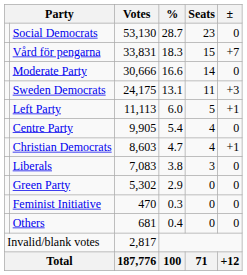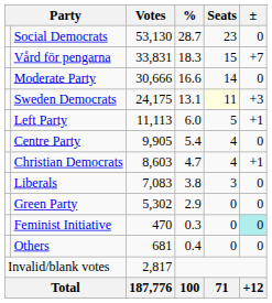 <table class="wikitable" style="text-align:right">
 <tr>
 <th colspan="2">Party</th>
 <th>Votes</th>
 <th>%</th>
 <th>Seats</th>
 <th>±</th>
 </tr>
 <tr>
 <td style="color:inherit;background:"></td>
 <td align="left"><a href='#'>Social Democrats</a></td>
 <td>53,130</td>
 <td>28.7</td>
 <td>23</td>
 <td>0</td>
 </tr>
 <tr>
 <td bgcolor=""></td>
 <td align="left"><a href='#'>Vård för pengarna</a></td>
 <td>33,831</td>
 <td>18.3</td>
 <td>15</td>
 <td>+7</td>
 </tr>
 <tr>
 <td style="color:inherit;background:"></td>
 <td align="left"><a href='#'>Moderate Party</a></td>
 <td>30,666</td>
 <td>16.6</td>
 <td>14</td>
 <td>0</td>
 </tr>
 <tr>
 <td style="color:inherit;background:"></td>
 <td align="left"><a href='#'>Sweden Democrats</a></td>
 <td>24,175</td>
 <td>13.1</td>
-<td>11</td>
+<td style="background: lightyellow;">11</td>
 <td>+3</td>
 </tr>
 <tr>
 <td style="color:inherit;background:"></td>
 <td align="left"><a href='#'>Left Party</a></td>
 <td>11,113</td>
 <td>6.0</td>
 <td>5</td>
 <td>+1</td>
 </tr>
 <tr>
 <td style="color:inherit;background:"></td>
 <td align="left"><a href='#'>Centre Party</a></td>
 <td>9,905</td>
 <td>5.4</td>
 <td>4</td>
 <td>0</td>
 </tr>
 <tr>
 <td style="color:inherit;background:"></td>
 <td align="left"><a href='#'>Christian Democrats</a></td>
 <td>8,603</td>
 <td>4.7</td>
 <td>4</td>
 <td>+1</td>
 </tr>
 <tr>
 <td style="color:inherit;background:"></td>
 <td align="left"><a href='#'>Liberals</a></td>
 <td>7,083</td>
 <td>3.8</td>
 <td>3</td>
 <td>0</td>
 </tr>
 <tr>
 <td style="color:inherit;background:"></td>
 <td align="left"><a href='#'>Green Party</a></td>
 <td>5,302</td>
 <td>2.9</td>
 <td>0</td>
 <td>0</td>
 </tr>
 <tr>
 <td style="color:inherit;background:"></td>
 <td align="left"><a href='#'>Feminist Initiative</a></td>
 <td>470</td>
 <td>0.3</td>
 <td>0</td>
-<td>0</td>
+<td style="background: paleturquoise;">0</td>
 </tr>
 <tr>
 <td></td>
 <td align="left"><a href='#'>Others</a></td>
 <td>681</td>
 <td>0.4</td>
 <td>0</td>
 <td>0</td>
 </tr>
 <tr>
 <td colspan="2" align="left">Invalid/blank votes</td>
 <td>2,817</td>
 <td colspan="3"></td>
 </tr>
 <tr>
 <th colspan="2" align="left">Total</th>
 <th>187,776</th>
 <th>100</th>
 <th>71</th>
 <th>+12</th>
 </tr>
 </table>
